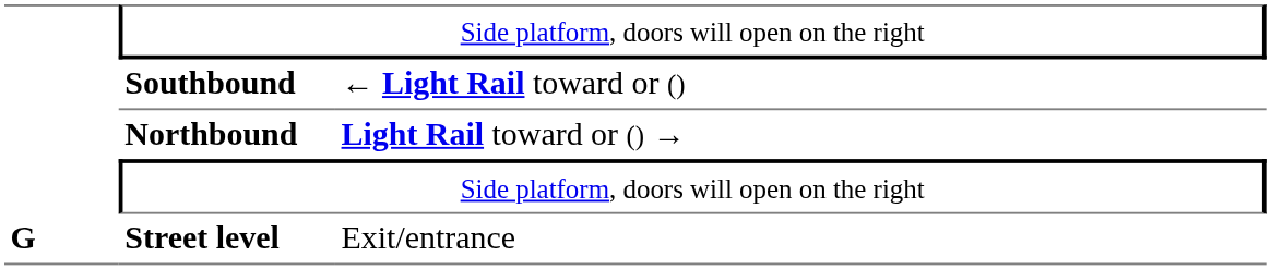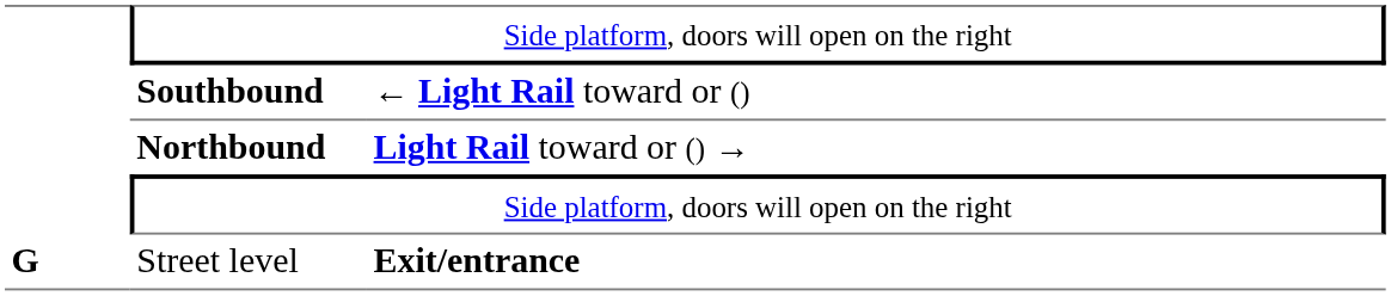 <table table border=0 cellspacing=0 cellpadding=3>
 <tr>
 <td style="border-top:solid 1px gray;border-bottom:solid 1px gray;" rowspan=6 valign=bottom width=50><strong>G</strong></td>
 </tr>
 <tr>
 <td style="border-bottom:solid 2px black;border-right:solid 2px black;border-left:solid 2px black;border-top:solid 1px gray;text-align:center;" colspan=2><small><a href='#'>Side platform</a>, doors will open on the right</small></td>
 </tr>
 <tr>
 <td><span><strong>Southbound</strong></span></td>
 <td>← <a href='#'><span><strong>Light Rail</strong></span></a> toward  or  <small>()</small></td>
 </tr>
 <tr>
 <td style="border-top:solid 1px gray;"><span><strong>Northbound</strong></span></td>
 <td style="border-top:solid 1px gray;"> <a href='#'><span><strong>Light Rail</strong></span></a> toward  or  <small>()</small> →</td>
 </tr>
 <tr>
 <td style="border-bottom:solid 1px gray;border-right:solid 2px black;border-left:solid 2px black;border-top:solid 2px black;text-align:center;" colspan=2><small><a href='#'>Side platform</a>, doors will open on the right</small></td>
 </tr>
 <tr>
-<td style="border-bottom:solid 1px gray;" width=100><strong>Street level</strong></td>
-<td style="border-bottom:solid 1px gray;" width=450>Exit/entrance</td>
+<td style="border-bottom:solid 1px gray;" width=100>Street level</td>
+<td style="border-bottom:solid 1px gray;" width=450><strong>Exit/entrance</strong></td>
 </tr>
 </table>
